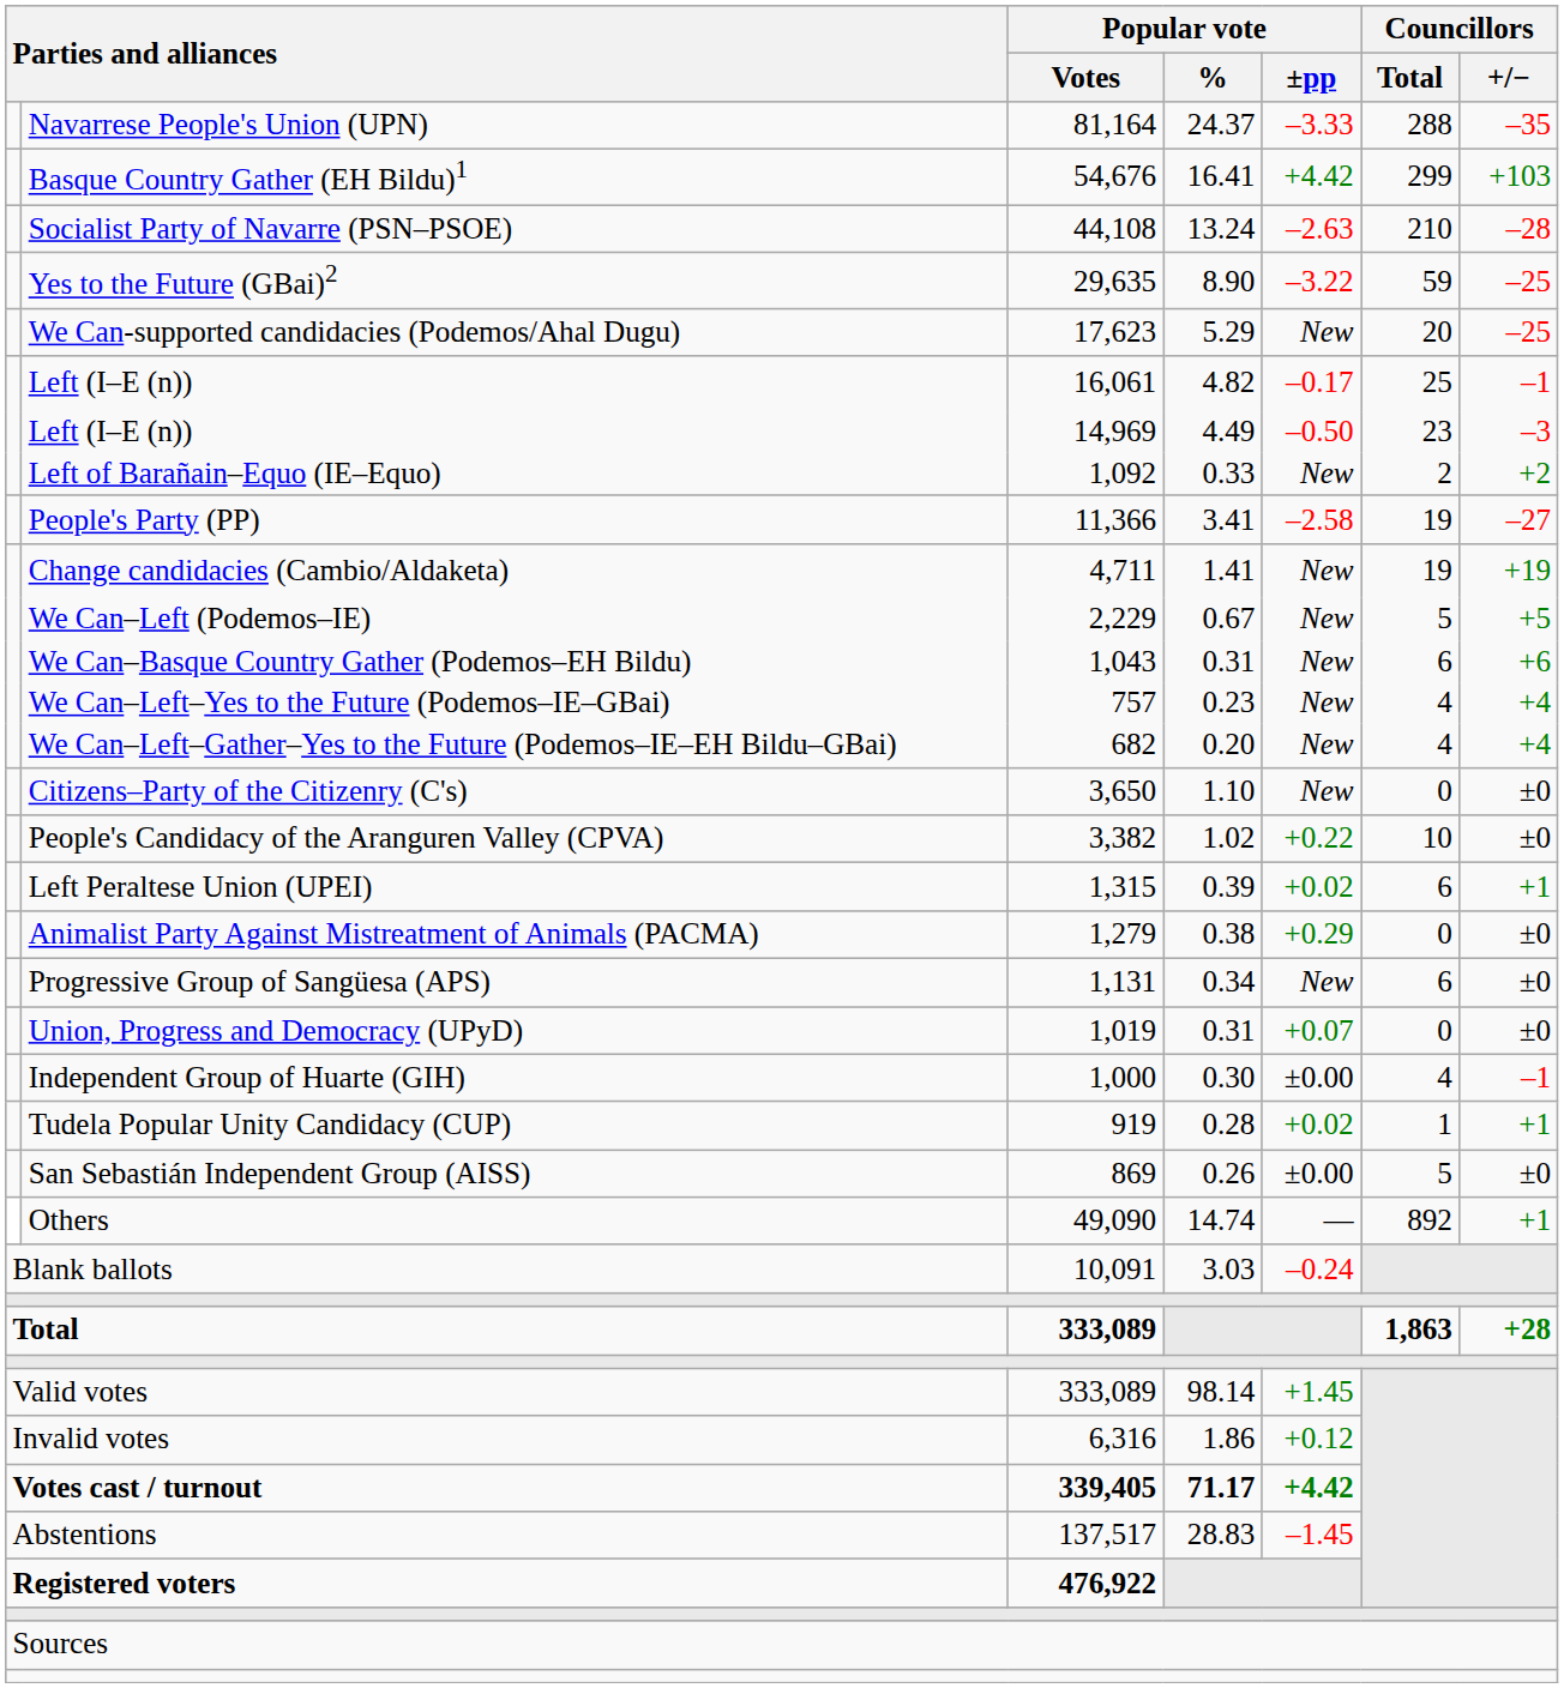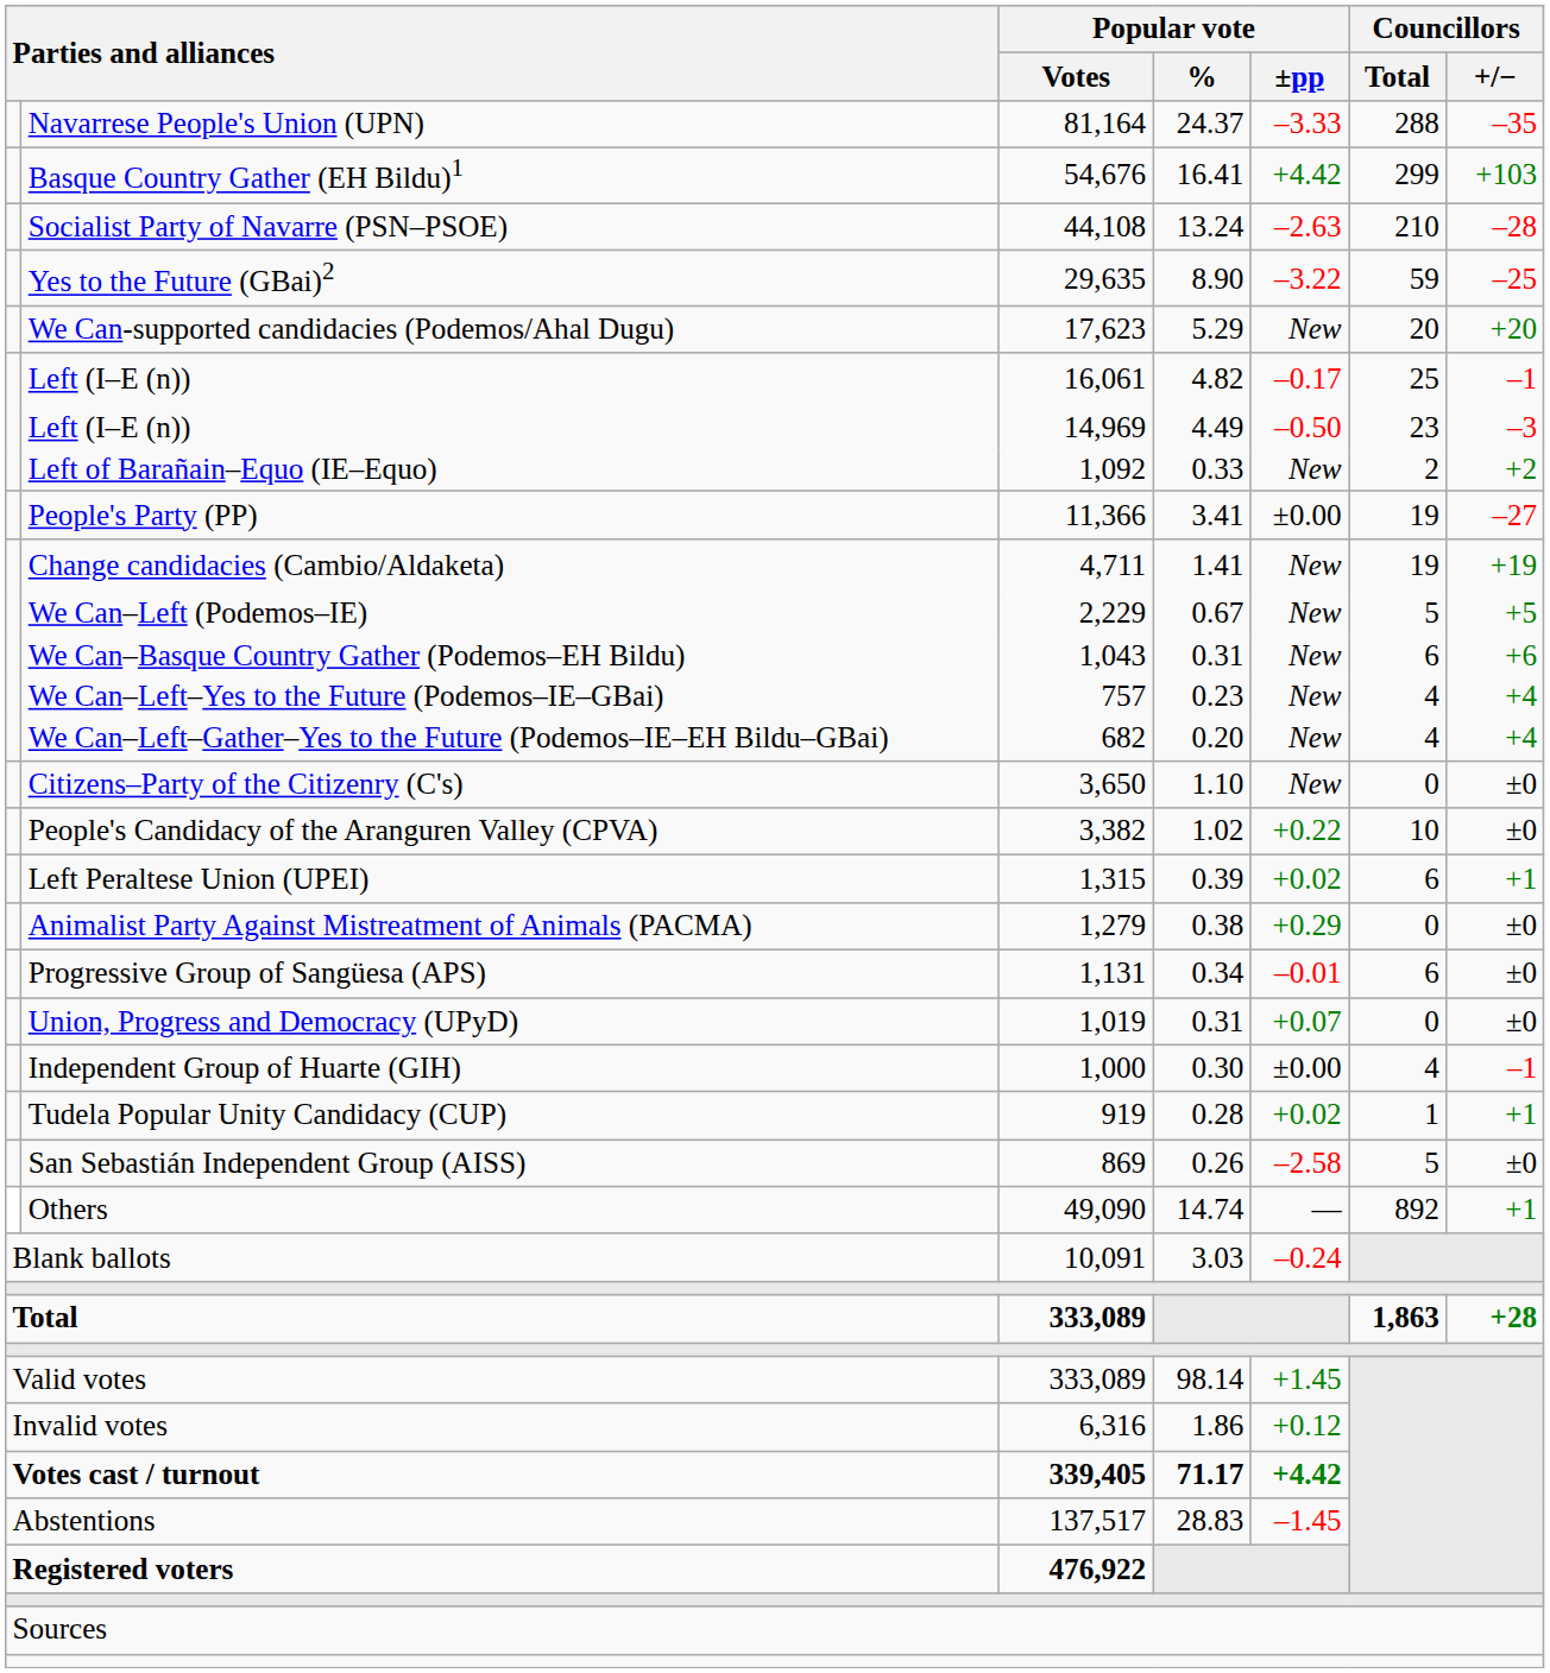 <table class="wikitable" style="text-align:right;">
 <tr>
 <th style="text-align:left;" rowspan="2" colspan="2" width="525">Parties and alliances</th>
 <th colspan="3">Popular vote</th>
 <th colspan="2">Councillors</th>
 </tr>
 <tr>
 <th width="75">Votes</th>
 <th width="45">%</th>
 <th width="45">±<a href='#'>pp</a></th>
 <th width="45">Total</th>
 <th width="45">+/−</th>
 </tr>
 <tr>
 <td width="1" style="color:inherit;background:"></td>
 <td align="left"><a href='#'>Navarrese People's Union</a> (UPN)</td>
 <td>81,164</td>
 <td>24.37</td>
 <td style="color:red;">–3.33</td>
 <td>288</td>
 <td style="color:red;">–35</td>
 </tr>
 <tr>
 <td style="color:inherit;background:"></td>
 <td align="left"><a href='#'>Basque Country Gather</a> (EH Bildu)<sup>1</sup></td>
 <td>54,676</td>
 <td>16.41</td>
 <td style="color:green;">+4.42</td>
 <td>299</td>
 <td style="color:green;">+103</td>
 </tr>
 <tr>
 <td style="color:inherit;background:"></td>
 <td align="left"><a href='#'>Socialist Party of Navarre</a> (PSN–PSOE)</td>
 <td>44,108</td>
 <td>13.24</td>
 <td style="color:red;">–2.63</td>
 <td>210</td>
 <td style="color:red;">–28</td>
 </tr>
 <tr>
 <td style="color:inherit;background:"></td>
 <td align="left"><a href='#'>Yes to the Future</a> (GBai)<sup>2</sup></td>
 <td>29,635</td>
 <td>8.90</td>
 <td style="color:red;">–3.22</td>
 <td>59</td>
 <td style="color:red;">–25</td>
 </tr>
 <tr>
 <td style="color:inherit;background:"></td>
 <td align="left"><a href='#'>We Can</a>-supported candidacies (Podemos/Ahal Dugu)</td>
 <td>17,623</td>
 <td>5.29</td>
 <td><em>New</em></td>
 <td>20</td>
-<td style="color:red;">–25</td>
+<td style="color:green;">+20</td>
 </tr>
 <tr style="line-height:22px;">
 <td rowspan="3" style="color:inherit;background:"></td>
 <td align="left"><a href='#'>Left</a> (I–E (n))</td>
 <td>16,061</td>
 <td>4.82</td>
 <td style="color:red;">–0.17</td>
 <td>25</td>
 <td style="color:red;">–1</td>
 </tr>
 <tr style="border-bottom-style:hidden; border-top-style:hidden; line-height:16px;">
 <td align="left"><span><a href='#'>Left</a> (I–E (n))</span></td>
 <td>14,969</td>
 <td>4.49</td>
 <td style="color:red;">–0.50</td>
 <td>23</td>
 <td style="color:red;">–3</td>
 </tr>
 <tr style="line-height:16px;">
 <td align="left"><span><a href='#'>Left of Barañain</a>–<a href='#'>Equo</a> (IE–Equo)</span></td>
 <td>1,092</td>
 <td>0.33</td>
 <td><em>New</em></td>
 <td>2</td>
 <td style="color:green;">+2</td>
 </tr>
 <tr>
 <td style="color:inherit;background:"></td>
 <td align="left"><a href='#'>People's Party</a> (PP)</td>
 <td>11,366</td>
 <td>3.41</td>
-<td style="color:red;">–2.58</td>
+<td>±0.00</td>
 <td>19</td>
 <td style="color:red;">–27</td>
 </tr>
 <tr style="line-height:22px;">
 <td rowspan="5" style="color:inherit;background:"></td>
 <td align="left"><a href='#'>Change candidacies</a> (Cambio/Aldaketa)</td>
 <td>4,711</td>
 <td>1.41</td>
 <td><em>New</em></td>
 <td>19</td>
 <td style="color:green;">+19</td>
 </tr>
 <tr style="border-bottom-style:hidden; border-top-style:hidden; line-height:16px;">
 <td align="left"><span><a href='#'>We Can</a>–<a href='#'>Left</a> (Podemos–IE)</span></td>
 <td>2,229</td>
 <td>0.67</td>
 <td><em>New</em></td>
 <td>5</td>
 <td style="color:green;">+5</td>
 </tr>
 <tr style="border-bottom-style:hidden; line-height:16px;">
 <td align="left"><span><a href='#'>We Can</a>–<a href='#'>Basque Country Gather</a> (Podemos–EH Bildu)</span></td>
 <td>1,043</td>
 <td>0.31</td>
 <td><em>New</em></td>
 <td>6</td>
 <td style="color:green;">+6</td>
 </tr>
 <tr style="border-bottom-style:hidden; line-height:16px;">
 <td align="left"><span><a href='#'>We Can</a>–<a href='#'>Left</a>–<a href='#'>Yes to the Future</a> (Podemos–IE–GBai)</span></td>
 <td>757</td>
 <td>0.23</td>
 <td><em>New</em></td>
 <td>4</td>
 <td style="color:green;">+4</td>
 </tr>
 <tr style="line-height:16px;">
 <td align="left"><span><a href='#'>We Can</a>–<a href='#'>Left</a>–<a href='#'>Gather</a>–<a href='#'>Yes to the Future</a> (Podemos–IE–EH Bildu–GBai)</span></td>
 <td>682</td>
 <td>0.20</td>
 <td><em>New</em></td>
 <td>4</td>
 <td style="color:green;">+4</td>
 </tr>
 <tr>
 <td style="color:inherit;background:"></td>
 <td align="left"><a href='#'>Citizens–Party of the Citizenry</a> (C's)</td>
 <td>3,650</td>
 <td>1.10</td>
 <td><em>New</em></td>
 <td>0</td>
 <td>±0</td>
 </tr>
 <tr>
 <td style="color:inherit;background:"></td>
 <td align="left">People's Candidacy of the Aranguren Valley (CPVA)</td>
 <td>3,382</td>
 <td>1.02</td>
 <td style="color:green;">+0.22</td>
 <td>10</td>
 <td>±0</td>
 </tr>
 <tr>
 <td style="color:inherit;background:"></td>
 <td align="left">Left Peraltese Union (UPEI)</td>
 <td>1,315</td>
 <td>0.39</td>
 <td style="color:green;">+0.02</td>
 <td>6</td>
 <td style="color:green;">+1</td>
 </tr>
 <tr>
 <td style="color:inherit;background:"></td>
 <td align="left"><a href='#'>Animalist Party Against Mistreatment of Animals</a> (PACMA)</td>
 <td>1,279</td>
 <td>0.38</td>
 <td style="color:green;">+0.29</td>
 <td>0</td>
 <td>±0</td>
 </tr>
 <tr>
 <td style="color:inherit;background:"></td>
 <td align="left">Progressive Group of Sangüesa (APS)</td>
 <td>1,131</td>
 <td>0.34</td>
-<td><em>New</em></td>
+<td style="color:red;">–0.01</td>
 <td>6</td>
 <td>±0</td>
 </tr>
 <tr>
 <td style="color:inherit;background:"></td>
 <td align="left"><a href='#'>Union, Progress and Democracy</a> (UPyD)</td>
 <td>1,019</td>
 <td>0.31</td>
 <td style="color:green;">+0.07</td>
 <td>0</td>
 <td>±0</td>
 </tr>
 <tr>
 <td style="color:inherit;background:"></td>
 <td align="left">Independent Group of Huarte (GIH)</td>
 <td>1,000</td>
 <td>0.30</td>
 <td>±0.00</td>
 <td>4</td>
 <td style="color:red;">–1</td>
 </tr>
 <tr>
 <td style="color:inherit;background:"></td>
 <td align="left">Tudela Popular Unity Candidacy (CUP)</td>
 <td>919</td>
 <td>0.28</td>
 <td style="color:green;">+0.02</td>
 <td>1</td>
 <td style="color:green;">+1</td>
 </tr>
 <tr>
 <td style="color:inherit;background:"></td>
 <td align="left">San Sebastián Independent Group (AISS)</td>
 <td>869</td>
 <td>0.26</td>
-<td>±0.00</td>
+<td style="color:red;">–2.58</td>
 <td>5</td>
 <td>±0</td>
 </tr>
 <tr>
 <td bgcolor="white"></td>
 <td align="left">Others</td>
 <td>49,090</td>
 <td>14.74</td>
 <td>—</td>
 <td>892</td>
 <td style="color:green;">+1</td>
 </tr>
 <tr>
 <td align="left" colspan="2">Blank ballots</td>
 <td>10,091</td>
 <td>3.03</td>
 <td style="color:red;">–0.24</td>
 <td bgcolor="#E9E9E9" colspan="2"></td>
 </tr>
 <tr>
 <td colspan="7" bgcolor="#E9E9E9"></td>
 </tr>
 <tr style="font-weight:bold;">
 <td align="left" colspan="2">Total</td>
 <td>333,089</td>
 <td bgcolor="#E9E9E9" colspan="2"></td>
 <td>1,863</td>
 <td style="color:green;">+28</td>
 </tr>
 <tr>
 <td colspan="7" bgcolor="#E9E9E9"></td>
 </tr>
 <tr>
 <td align="left" colspan="2">Valid votes</td>
 <td>333,089</td>
 <td>98.14</td>
 <td style="color:green;">+1.45</td>
 <td bgcolor="#E9E9E9" colspan="2" rowspan="5"></td>
 </tr>
 <tr>
 <td align="left" colspan="2">Invalid votes</td>
 <td>6,316</td>
 <td>1.86</td>
 <td style="color:green;">+0.12</td>
 </tr>
 <tr style="font-weight:bold;">
 <td align="left" colspan="2">Votes cast / turnout</td>
 <td>339,405</td>
 <td>71.17</td>
 <td style="color:green;">+4.42</td>
 </tr>
 <tr>
 <td align="left" colspan="2">Abstentions</td>
 <td>137,517</td>
 <td>28.83</td>
 <td style="color:red;">–1.45</td>
 </tr>
 <tr style="font-weight:bold;">
 <td align="left" colspan="2">Registered voters</td>
 <td>476,922</td>
 <td bgcolor="#E9E9E9" colspan="2"></td>
 </tr>
 <tr>
 <td colspan="7" bgcolor="#E9E9E9"></td>
 </tr>
 <tr>
 <td align="left" colspan="7">Sources</td>
 </tr>
 <tr>
 <td colspan="7" style="text-align:left; max-width:790px;"></td>
 </tr>
 </table>
